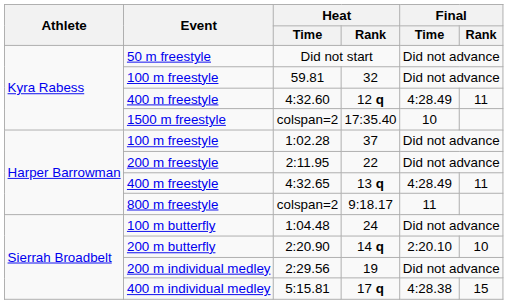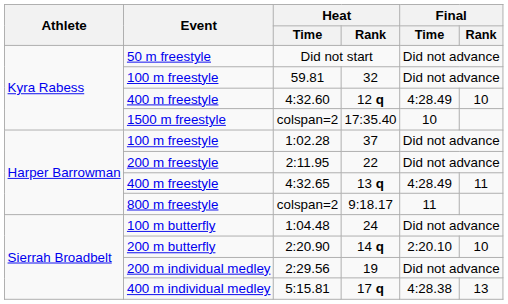 <table class=wikitable style=font-size:90%;text-align:center>
 <tr>
 <th rowspan=2>Athlete</th>
 <th rowspan=2>Event</th>
 <th colspan=2>Heat</th>
 <th colspan=2>Final</th>
 </tr>
 <tr style=font-size:95%>
 <th>Time</th>
 <th>Rank</th>
 <th>Time</th>
 <th>Rank</th>
 </tr>
 <tr align=center>
 <td align=left rowspan=4><a href='#'>Kyra Rabess</a></td>
 <td align=left><a href='#'>50 m freestyle</a></td>
 <td colspan=2>Did not start</td>
 <td colspan=2>Did not advance</td>
 </tr>
 <tr align=center>
 <td align=left><a href='#'>100 m freestyle</a></td>
 <td>59.81</td>
 <td>32</td>
 <td colspan=2>Did not advance</td>
 </tr>
 <tr align=center>
 <td align=left><a href='#'>400 m freestyle</a></td>
 <td>4:32.60</td>
 <td>12 <strong>q</strong></td>
 <td>4:28.49</td>
-<td>11</td>
+<td>10</td>
 </tr>
 <tr align=center>
 <td align=left><a href='#'>1500 m freestyle</a></td>
 <td>colspan=2 </td>
 <td>17:35.40</td>
 <td>10</td>
 </tr>
 <tr align=center>
 <td align=left rowspan=4><a href='#'>Harper Barrowman</a></td>
 <td align=left><a href='#'>100 m freestyle</a></td>
 <td>1:02.28</td>
 <td>37</td>
 <td colspan=2>Did not advance</td>
 </tr>
 <tr align=center>
 <td align=left><a href='#'>200 m freestyle</a></td>
 <td>2:11.95</td>
 <td>22</td>
 <td colspan=2>Did not advance</td>
 </tr>
 <tr align=center>
 <td align=left><a href='#'>400 m freestyle</a></td>
 <td>4:32.65</td>
 <td>13 <strong>q</strong></td>
 <td>4:28.49</td>
 <td>11</td>
 </tr>
 <tr align=center>
 <td align=left><a href='#'>800 m freestyle</a></td>
 <td>colspan=2 </td>
 <td>9:18.17</td>
 <td>11</td>
 </tr>
 <tr align=center>
 <td align=left rowspan=4><a href='#'>Sierrah Broadbelt</a></td>
 <td align=left><a href='#'>100 m butterfly</a></td>
 <td>1:04.48</td>
 <td>24</td>
 <td colspan=2>Did not advance</td>
 </tr>
 <tr align=center>
 <td align=left><a href='#'>200 m butterfly</a></td>
 <td>2:20.90</td>
 <td>14 <strong>q</strong></td>
 <td>2:20.10</td>
 <td>10</td>
 </tr>
 <tr align=center>
 <td align=left><a href='#'>200 m individual medley</a></td>
 <td>2:29.56</td>
 <td>19</td>
 <td colspan=2>Did not advance</td>
 </tr>
 <tr align=center>
 <td align=left><a href='#'>400 m individual medley</a></td>
 <td>5:15.81</td>
 <td>17 <strong>q</strong></td>
 <td>4:28.38</td>
-<td>15</td>
+<td>13</td>
 </tr>
 </table>
